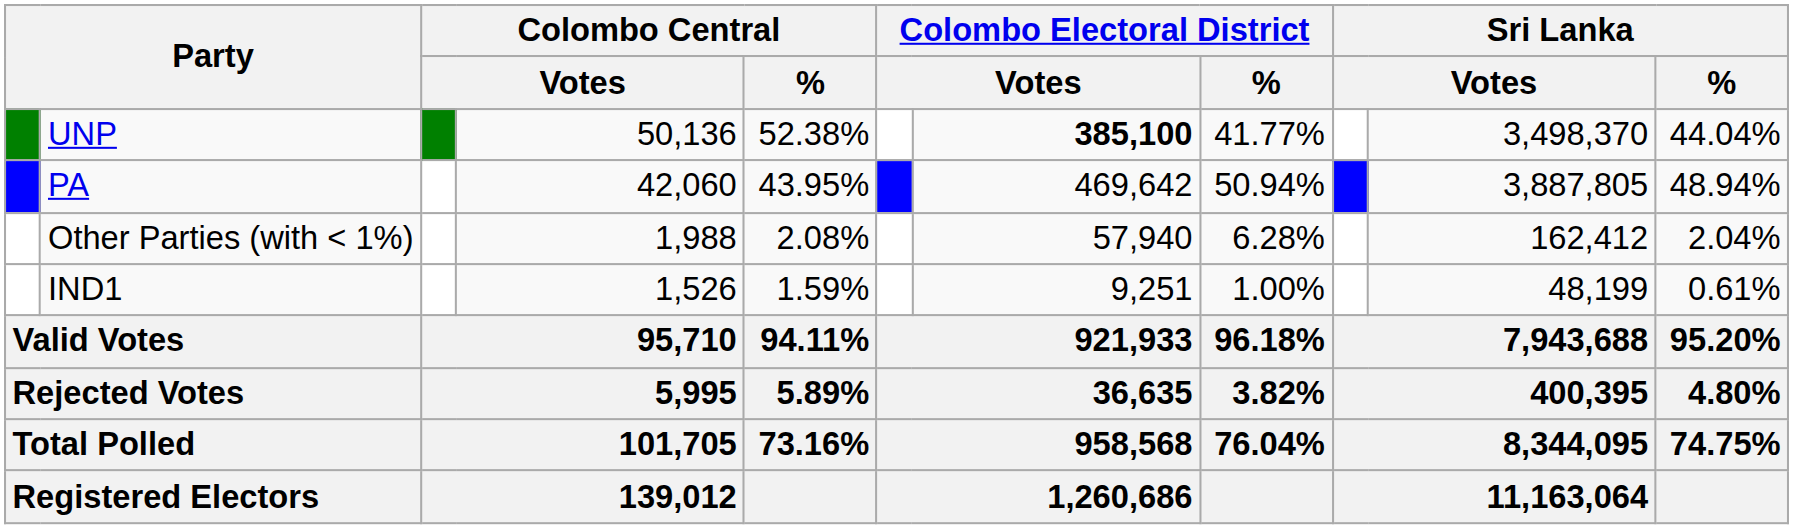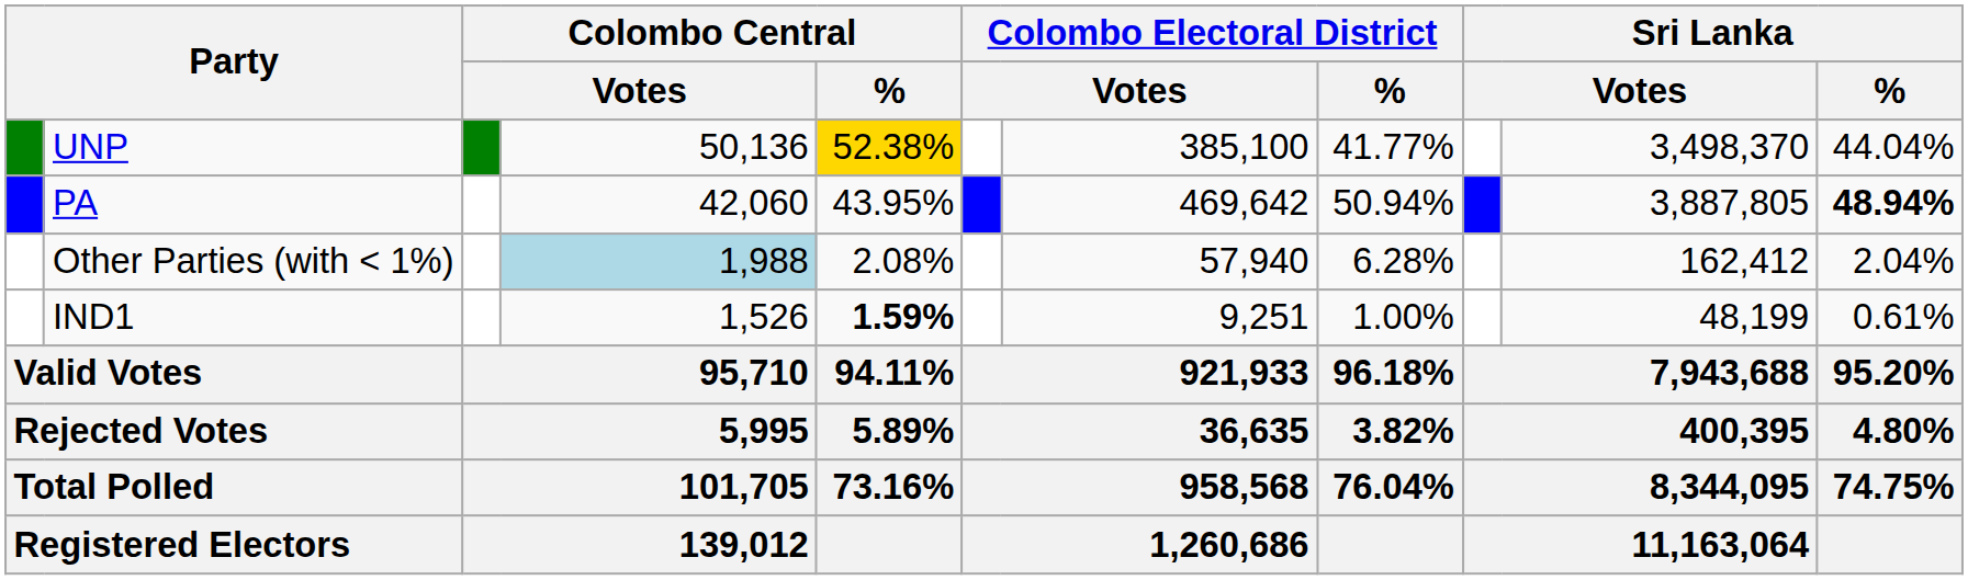 <table class="wikitable">
 <tr>
 <th colspan="2" width="144px"rowspan="2">Party</th>
 <th colspan="3" width="216px">Colombo Central</th>
 <th colspan="3" width="216px"><a href='#'>Colombo Electoral District</a></th>
 <th colspan="3" width="216px">Sri Lanka</th>
 </tr>
 <tr>
 <th colspan="2" width="144px">Votes</th>
 <th>%</th>
 <th colspan="2" width="144px">Votes</th>
 <th>%</th>
 <th colspan="2" width="144px">Votes</th>
 <th>%</th>
 </tr>
 <tr>
 <td style="background-color:green;" width="10px"></td>
 <td style="text-align:left;"><a href='#'>UNP</a></td>
 <td style="background-color:green;" width="10px"></td>
 <td style="text-align:right;">50,136</td>
-<td style="text-align:right;">52.38%</td>
+<td style="background: gold; text-align:right;">52.38%</td>
 <td style="background-color:white;" width="10px"></td>
-<td style="text-align:right;"><strong>385,100</strong></td>
+<td style="text-align:right;">385,100</td>
 <td style="text-align:right;">41.77%</td>
 <td style="background-color:white;" width="10px"></td>
 <td style="text-align:right;">3,498,370</td>
 <td style="text-align:right;">44.04%</td>
 </tr>
 <tr>
 <td style="background-color:blue;" width="10px"></td>
 <td style="text-align:left;"><a href='#'>PA</a></td>
 <td style="background-color:white;" width="10px"></td>
 <td style="text-align:right;">42,060</td>
 <td style="text-align:right;">43.95%</td>
 <td style="background-color:blue;" width="10px"></td>
 <td style="text-align:right;">469,642</td>
 <td style="text-align:right;">50.94%</td>
 <td style="background-color:blue;" width="10px"></td>
 <td style="text-align:right;">3,887,805</td>
-<td style="text-align:right;">48.94%</td>
+<td style="text-align:right;"><strong>48.94%</strong></td>
 </tr>
 <tr>
 <td style="background-color:white;" width="10px"></td>
 <td style="text-align:left;">Other Parties (with < 1%)</td>
 <td style="background-color:white;" width="10px"></td>
-<td style="text-align:right;">1,988</td>
+<td style="background: lightblue; text-align:right;">1,988</td>
 <td style="text-align:right;">2.08%</td>
 <td style="background-color:white;" width="10px"></td>
 <td style="text-align:right;">57,940</td>
 <td style="text-align:right;">6.28%</td>
 <td style="background-color:white;" width="10px"></td>
 <td style="text-align:right;">162,412</td>
 <td style="text-align:right;">2.04%</td>
 </tr>
 <tr>
 <td style="background-color:white;" width="10px"></td>
 <td style="text-align:left;">IND1</td>
 <td style="background-color:white;" width="10px"></td>
 <td style="text-align:right;">1,526</td>
-<td style="text-align:right;">1.59%</td>
+<td style="text-align:right;"><strong>1.59%</strong></td>
 <td style="background-color:white;" width="10px"></td>
 <td style="text-align:right;">9,251</td>
 <td style="text-align:right;">1.00%</td>
 <td style="background-color:white;" width="10px"></td>
 <td style="text-align:right;">48,199</td>
 <td style="text-align:right;">0.61%</td>
 </tr>
 <tr>
 <th colspan="2" width="144px"style="text-align:left;">Valid Votes</th>
 <th style="text-align:right;"colspan="2" width="144px">95,710</th>
 <th style="text-align:right;">94.11%</th>
 <th style="text-align:right;"colspan="2" width="144px">921,933</th>
 <th style="text-align:right;">96.18%</th>
 <th style="text-align:right;"colspan="2" width="144px">7,943,688</th>
 <th style="text-align:right;">95.20%</th>
 </tr>
 <tr>
 <th colspan="2" width="144px"style="text-align:left;">Rejected Votes</th>
 <th style="text-align:right;"colspan="2" width="144px">5,995</th>
 <th style="text-align:right;">5.89%</th>
 <th style="text-align:right;"colspan="2" width="144px">36,635</th>
 <th style="text-align:right;">3.82%</th>
 <th style="text-align:right;"colspan="2" width="144px">400,395</th>
 <th style="text-align:right;">4.80%</th>
 </tr>
 <tr>
 <th colspan="2" width="144px"style="text-align:left;">Total Polled</th>
 <th style="text-align:right;"colspan="2" width="144px">101,705</th>
 <th style="text-align:right;">73.16%</th>
 <th style="text-align:right;"colspan="2" width="144px">958,568</th>
 <th style="text-align:right;">76.04%</th>
 <th style="text-align:right;"colspan="2" width="144px">8,344,095</th>
 <th style="text-align:right;">74.75%</th>
 </tr>
 <tr>
 <th colspan="2" width="144px"style="text-align:left;">Registered Electors</th>
 <th style="text-align:right;"colspan="2" width="144px">139,012</th>
 <th></th>
 <th style="text-align:right;"colspan="2" width="144px">1,260,686</th>
 <th></th>
 <th style="text-align:right;"colspan="2" width="144px">11,163,064</th>
 <th></th>
 </tr>
 </table>
